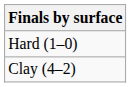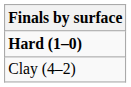 <table class=wikitable style=font-size:90%>
 <tr>
 <th>Finals by surface</th>
 </tr>
 <tr>
-<td>Hard (1–0)</td>
+<td><strong>Hard (1–0)</strong></td>
 </tr>
 <tr>
 <td>Clay (4–2)</td>
 </tr>
 </table>
